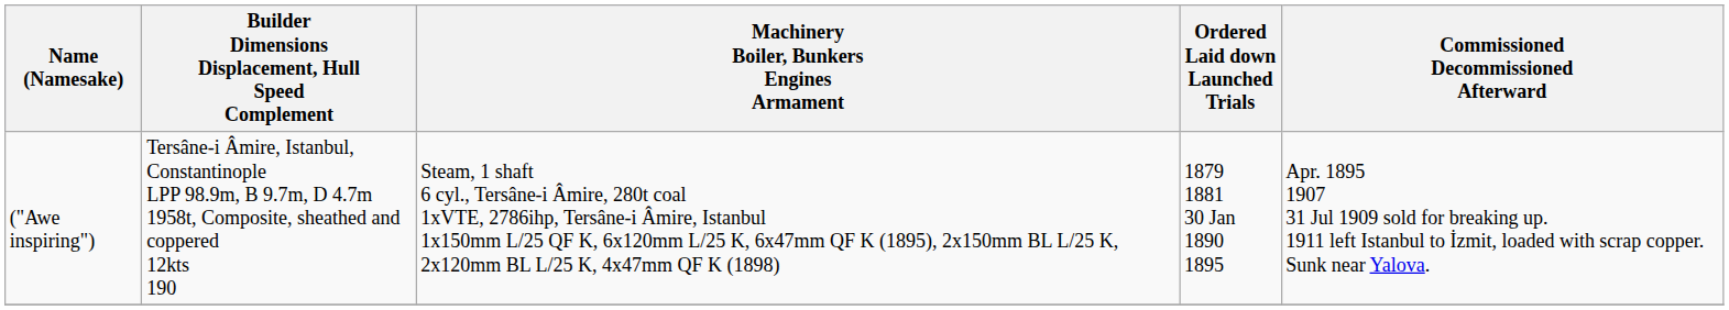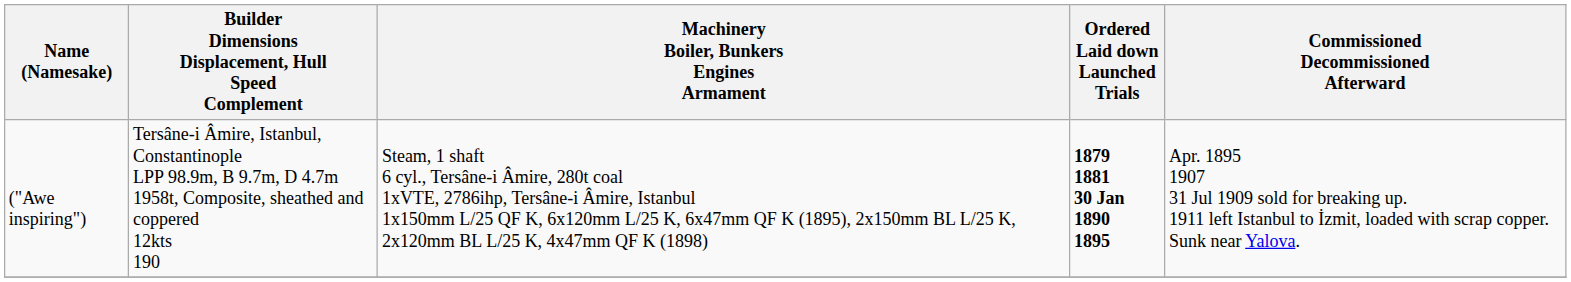 <table class="wikitable" style="font-size:90%;">
 <tr bgcolor="#e6e9ff">
 <th>Name<br>(Namesake)</th>
 <th>Builder<br>Dimensions<br>Displacement, Hull<br>Speed<br>Complement</th>
 <th>Machinery<br>Boiler, Bunkers<br>Engines<br>Armament</th>
 <th>Ordered<br>Laid down<br>Launched<br>Trials</th>
 <th>Commissioned<br>Decommissioned<br>Afterward</th>
 </tr>
 <tr ---->
 <td><br>("Awe inspiring")</td>
 <td> Tersâne-i Âmire, Istanbul, Constantinople<br>LPP 98.9m, B 9.7m, D 4.7m<br>1958t, Composite, sheathed and coppered<br>12kts<br>190</td>
 <td>Steam, 1 shaft<br>6 cyl., Tersâne-i Âmire, 280t coal<br>1xVTE, 2786ihp, Tersâne-i Âmire, Istanbul<br>1x150mm L/25 QF K, 6x120mm L/25 K, 6x47mm QF K (1895), 2x150mm BL L/25 K, 2x120mm BL L/25 K, 4x47mm QF K (1898)</td>
-<td>1879<br>1881<br>30 Jan 1890<br>1895</td>
+<td><strong>1879<br>1881<br>30 Jan 1890<br>1895</strong></td>
 <td>Apr. 1895<br>1907<br>31 Jul 1909 sold for breaking up.<br>1911 left Istanbul to İzmit, loaded with scrap copper. Sunk near <a href='#'>Yalova</a>.</td>
 </tr>
 <tr ---->
 </tr>
 </table>
